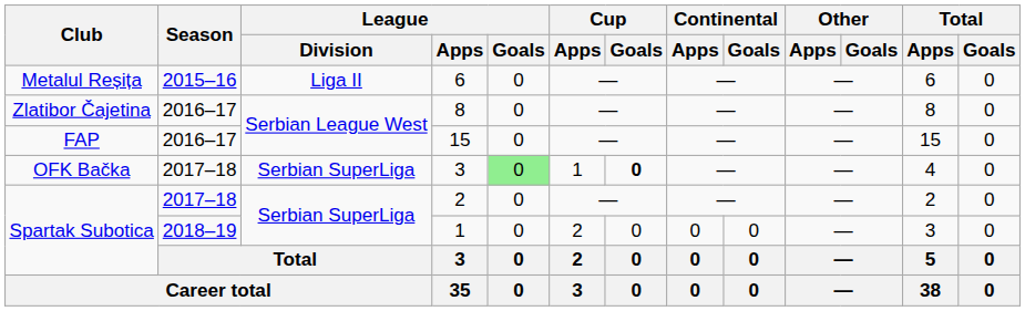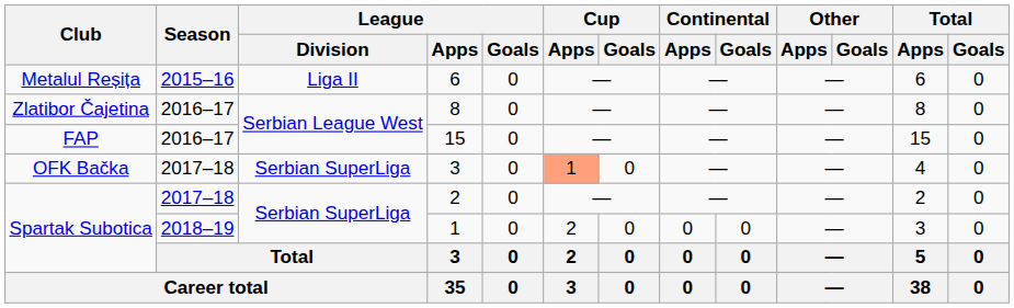 <table class="wikitable" style="text-align:center">
 <tr>
 <th rowspan="2">Club</th>
 <th rowspan="2">Season</th>
 <th colspan="3">League</th>
 <th colspan="2">Cup</th>
 <th colspan="2">Continental</th>
 <th colspan="2">Other</th>
 <th colspan="2">Total</th>
 </tr>
 <tr>
 <th>Division</th>
 <th>Apps</th>
 <th>Goals</th>
 <th>Apps</th>
 <th>Goals</th>
 <th>Apps</th>
 <th>Goals</th>
 <th>Apps</th>
 <th>Goals</th>
 <th>Apps</th>
 <th>Goals</th>
 </tr>
 <tr>
 <td><a href='#'>Metalul Reșița</a></td>
 <td><a href='#'>2015–16</a></td>
 <td><a href='#'>Liga II</a></td>
 <td>6</td>
 <td>0</td>
 <td colspan="2">—</td>
 <td colspan="2">—</td>
 <td colspan="2">—</td>
 <td>6</td>
 <td>0</td>
 </tr>
 <tr>
 <td><a href='#'>Zlatibor Čajetina</a></td>
 <td>2016–17</td>
 <td rowspan="2"><a href='#'>Serbian League West</a></td>
 <td>8</td>
 <td>0</td>
 <td colspan="2">—</td>
 <td colspan="2">—</td>
 <td colspan="2">—</td>
 <td>8</td>
 <td>0</td>
 </tr>
 <tr>
 <td><a href='#'>FAP</a></td>
 <td>2016–17</td>
 <td>15</td>
 <td>0</td>
 <td colspan="2">—</td>
 <td colspan="2">—</td>
 <td colspan="2">—</td>
 <td>15</td>
 <td>0</td>
 </tr>
 <tr>
 <td><a href='#'>OFK Bačka</a></td>
 <td>2017–18</td>
 <td><a href='#'>Serbian SuperLiga</a></td>
 <td>3</td>
-<td style="background: lightgreen;">0</td>
-<td>1</td>
-<td><strong>0</strong></td>
+<td>0</td>
+<td style="background: lightsalmon;">1</td>
+<td>0</td>
 <td colspan="2">—</td>
 <td colspan="2">—</td>
 <td>4</td>
 <td>0</td>
 </tr>
 <tr>
 <td rowspan="3"><a href='#'>Spartak Subotica</a></td>
 <td><a href='#'>2017–18</a></td>
 <td rowspan="2"><a href='#'>Serbian SuperLiga</a></td>
 <td>2</td>
 <td>0</td>
 <td colspan="2">—</td>
 <td colspan="2">—</td>
 <td colspan="2">—</td>
 <td>2</td>
 <td>0</td>
 </tr>
 <tr>
 <td><a href='#'>2018–19</a></td>
 <td>1</td>
 <td>0</td>
 <td>2</td>
 <td>0</td>
 <td>0</td>
 <td>0</td>
 <td colspan="2">—</td>
 <td>3</td>
 <td>0</td>
 </tr>
 <tr>
 <th colspan="2">Total</th>
 <th>3</th>
 <th>0</th>
 <th>2</th>
 <th>0</th>
 <th>0</th>
 <th>0</th>
 <th colspan="2">—</th>
 <th>5</th>
 <th>0</th>
 </tr>
 <tr>
 <th colspan="3">Career total</th>
 <th>35</th>
 <th>0</th>
 <th>3</th>
 <th>0</th>
 <th>0</th>
 <th>0</th>
 <th colspan="2">—</th>
 <th>38</th>
 <th>0</th>
 </tr>
 </table>
